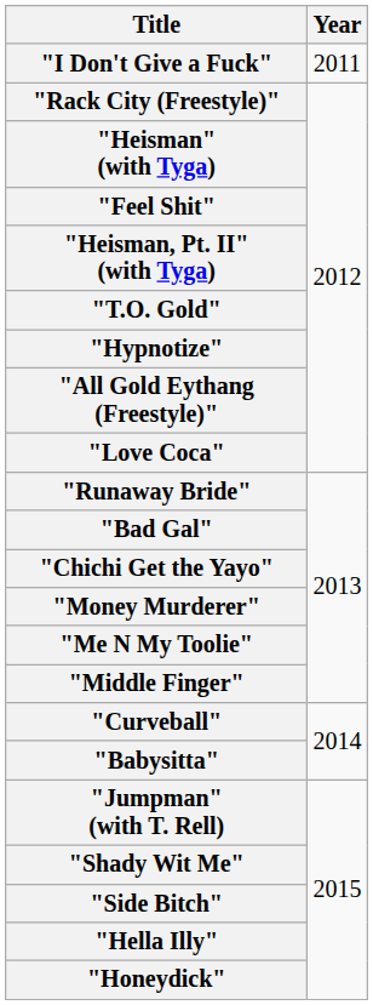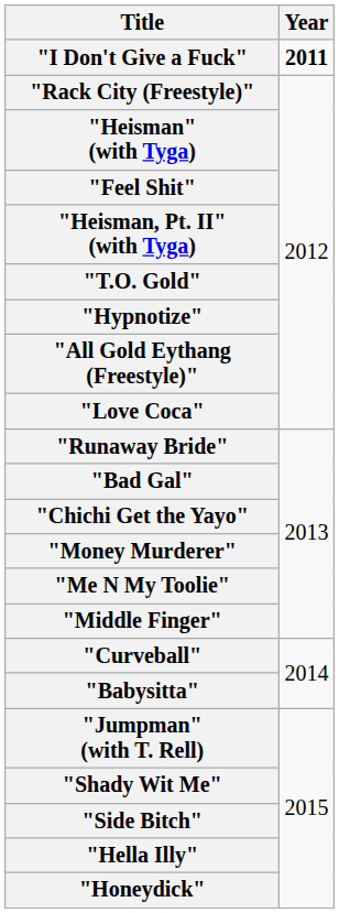 <table class="wikitable plainrowheaders" style="text-align:center;">
 <tr>
 <th scope="col" style="width:12em;">Title</th>
 <th scope="col">Year</th>
 </tr>
 <tr>
 <th scope="row">"I Don't Give a Fuck"</th>
-<td>2011</td>
+<td><strong>2011</strong></td>
 </tr>
 <tr>
 <th scope="row">"Rack City (Freestyle)"</th>
 <td rowspan="8">2012</td>
 </tr>
 <tr>
 <th scope="row">"Heisman"<br><span>(with <a href='#'>Tyga</a>)</span></th>
 </tr>
 <tr>
 <th scope="row">"Feel Shit"</th>
 </tr>
 <tr>
 <th scope="row">"Heisman, Pt. II"<br><span>(with <a href='#'>Tyga</a>)</span></th>
 </tr>
 <tr>
 <th scope="row">"T.O. Gold"</th>
 </tr>
 <tr>
 <th scope="row">"Hypnotize"</th>
 </tr>
 <tr>
 <th scope="row">"All Gold Eythang (Freestyle)"</th>
 </tr>
 <tr>
 <th scope="row">"Love Coca"</th>
 </tr>
 <tr>
 <th scope="row">"Runaway Bride"</th>
 <td rowspan="6">2013</td>
 </tr>
 <tr>
 <th scope="row">"Bad Gal"</th>
 </tr>
 <tr>
 <th scope="row">"Chichi Get the Yayo"</th>
 </tr>
 <tr>
 <th scope="row">"Money Murderer"</th>
 </tr>
 <tr>
 <th scope="row">"Me N My Toolie"</th>
 </tr>
 <tr>
 <th scope="row">"Middle Finger"</th>
 </tr>
 <tr>
 <th scope="row">"Curveball"</th>
 <td rowspan="2">2014</td>
 </tr>
 <tr>
 <th scope="row">"Babysitta"</th>
 </tr>
 <tr>
 <th scope="row">"Jumpman"<br><span>(with T. Rell)</span></th>
 <td rowspan="5">2015</td>
 </tr>
 <tr>
 <th scope="row">"Shady Wit Me"</th>
 </tr>
 <tr>
 <th scope="row">"Side Bitch"</th>
 </tr>
 <tr>
 <th scope="row">"Hella Illy"</th>
 </tr>
 <tr>
 <th scope="row">"Honeydick"</th>
 </tr>
 </table>
